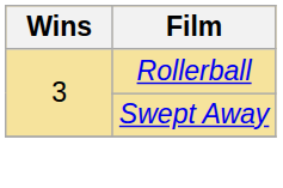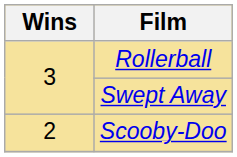 <table class="wikitable sortable" rowspan=2 style="text-align: center; background: #f6e39c">
 <tr>
 <th scope="col" width="55">Wins</th>
 <th scope="col" align="center">Film</th>
 </tr>
 <tr>
 <td rowspan="2" style="text-align:center">3</td>
 <td><em><a href='#'>Rollerball</a></em></td>
 </tr>
 <tr>
 <td><em><a href='#'>Swept Away</a></em></td>
 </tr>
 <tr>
+<td>2</td>
+<td><em><a href='#'>Scooby-Doo</a></em></td>
+</tr>
+<tr>
 </tr>
 </table>
